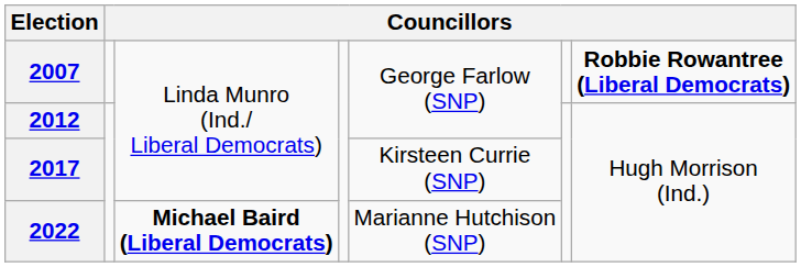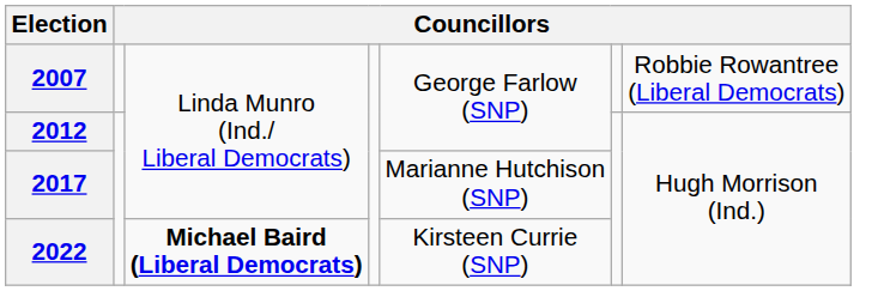 <table class="wikitable" style="text-align:center">
 <tr>
 <th>Election</th>
 <th colspan=8>Councillors</th>
 </tr>
 <tr>
 <th><a href='#'>2007</a></th>
 <td rowspan=1; style="background-color: "></td>
 <td rowspan=3>Linda Munro<br>(Ind./<br><a href='#'>Liberal Democrats</a>)</td>
 <td rowspan=4; style="background-color: "></td>
 <td rowspan=2>George Farlow<br>(<a href='#'>SNP</a>)</td>
 <td rowspan=1; style="background-color: "></td>
-<td rowspan=1><strong>Robbie Rowantree<br>(<a href='#'>Liberal Democrats</a>)</strong></td>
+<td rowspan=1>Robbie Rowantree<br>(<a href='#'>Liberal Democrats</a>)</td>
 </tr>
 <tr>
 <th><a href='#'>2012</a></th>
 <td rowspan=3; style="background-color: "></td>
 <td rowspan=3; style="background-color: "></td>
 <td rowspan=3>Hugh Morrison<br>(Ind.)</td>
 </tr>
 <tr>
 <th><a href='#'>2017</a></th>
-<td rowspan=1>Kirsteen Currie<br>(<a href='#'>SNP</a>)</td>
+<td rowspan=1>Marianne Hutchison<br>(<a href='#'>SNP</a>)</td>
 </tr>
 <tr>
 <th><a href='#'>2022</a></th>
 <td rowspan=1><strong>Michael Baird<br>(<a href='#'>Liberal Democrats</a>)</strong></td>
-<td rowspan=1>Marianne Hutchison<br>(<a href='#'>SNP</a>)</td>
+<td rowspan=1>Kirsteen Currie<br>(<a href='#'>SNP</a>)</td>
 </tr>
 </table>
